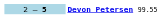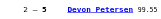 <table style="text-align:center">
 <tr>
 <th width=223></th>
 <th width=100></th>
 <th width=223></th>
 </tr>
 <tr>
 <td align=right></td>
 <td></td>
 <td align=left></td>
 </tr>
 <tr>
 <td align=right></td>
-<td style="background: lightblue;">2 – <strong>5</strong></td>
+<td>2 – <strong>5</strong></td>
 <td align=left> <strong><a href='#'>Devon Petersen</a></strong> <small>99.55</small></td>
 </tr>
 </table>
